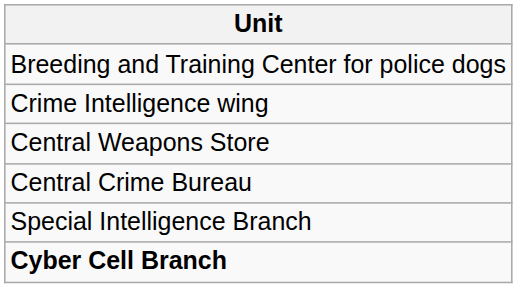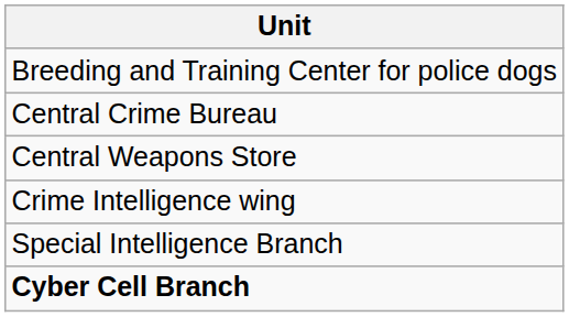 <table class="wikitable">
 <tr>
 <th>Unit</th>
 </tr>
 <tr>
 <td>Breeding and Training Center for police dogs</td>
 </tr>
 <tr>
-<td>Crime Intelligence wing</td>
+<td>Central Crime Bureau</td>
 </tr>
 <tr>
 <td>Central Weapons Store</td>
 </tr>
 <tr>
-<td>Central Crime Bureau</td>
+<td>Crime Intelligence wing</td>
 </tr>
 <tr>
 <td>Special Intelligence Branch</td>
 </tr>
 <tr>
 <td><strong>Cyber Cell Branch</strong></td>
 </tr>
 </table>
